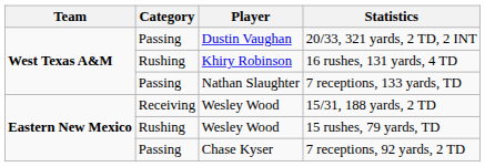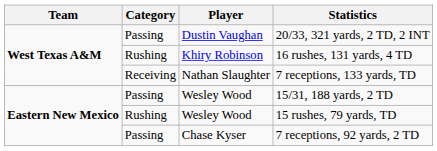 <table class="wikitable" style="float: left;">
 <tr>
 <th>Team</th>
 <th>Category</th>
 <th>Player</th>
 <th>Statistics</th>
 </tr>
 <tr>
 <td rowspan=3><strong>West Texas A&M</strong></td>
 <td>Passing</td>
 <td><a href='#'>Dustin Vaughan</a></td>
 <td>20/33, 321 yards, 2 TD, 2 INT</td>
 </tr>
 <tr>
 <td>Rushing</td>
 <td><a href='#'>Khiry Robinson</a></td>
 <td>16 rushes, 131 yards, 4 TD</td>
 </tr>
 <tr>
-<td>Passing</td>
+<td>Receiving</td>
 <td>Nathan Slaughter</td>
 <td>7 receptions, 133 yards, TD</td>
 </tr>
 <tr>
 <td rowspan=3><strong>Eastern New Mexico</strong></td>
-<td>Receiving</td>
+<td>Passing</td>
 <td>Wesley Wood</td>
 <td>15/31, 188 yards, 2 TD</td>
 </tr>
 <tr>
 <td>Rushing</td>
 <td>Wesley Wood</td>
 <td>15 rushes, 79 yards, TD</td>
 </tr>
 <tr>
 <td>Passing</td>
 <td>Chase Kyser</td>
 <td>7 receptions, 92 yards, 2 TD</td>
 </tr>
 </table>
